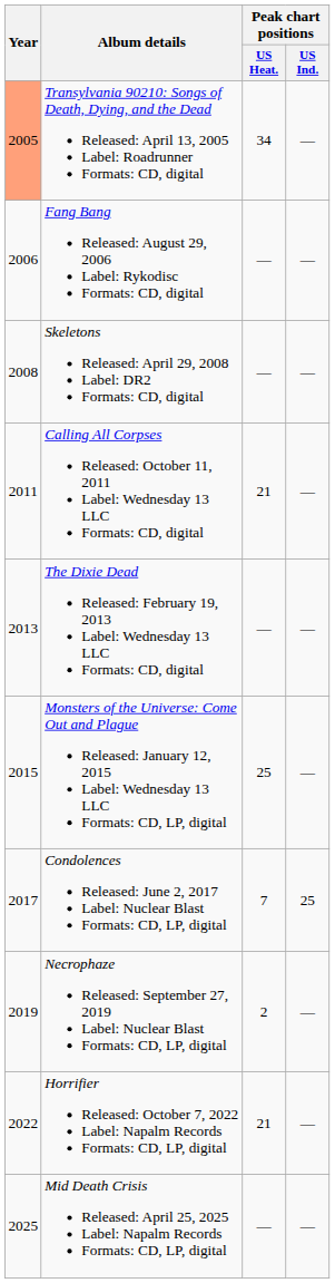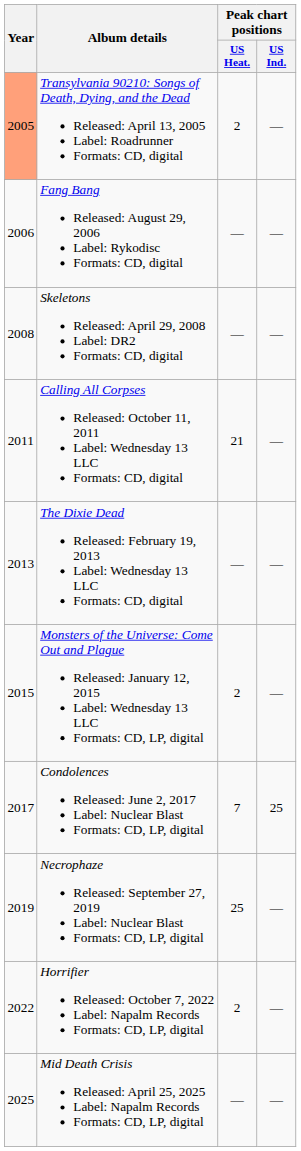 <table class="wikitable" style="text-align:center;">
 <tr>
 <th rowspan="2" width="25">Year</th>
 <th rowspan="2" width="210">Album details</th>
 <th colspan="2">Peak chart positions</th>
 </tr>
 <tr>
 <th style="width:3em;font-size:85%"><a href='#'>US Heat.</a><br></th>
 <th style="width:3em;font-size:85%"><a href='#'>US Ind.</a><br></th>
 </tr>
 <tr>
 <td style="background: lightsalmon;">2005</td>
 <td align="left"><em><a href='#'>Transylvania 90210: Songs of Death, Dying, and the Dead</a></em><br><ul><li>Released: April 13, 2005</li><li>Label: Roadrunner</li><li>Formats: CD, digital</li></ul></td>
-<td align="center">34</td>
+<td align="center">2</td>
 <td align="center">—</td>
 </tr>
 <tr>
 <td>2006</td>
 <td align="left"><em><a href='#'>Fang Bang</a></em><br><ul><li>Released: August 29, 2006</li><li>Label: Rykodisc</li><li>Formats: CD, digital</li></ul></td>
 <td align="center">—</td>
 <td align="center">—</td>
 </tr>
 <tr>
 <td>2008</td>
 <td align="left"><em>Skeletons</em><br><ul><li>Released: April 29, 2008</li><li>Label: DR2</li><li>Formats: CD, digital</li></ul></td>
 <td align="center">—</td>
 <td align="center">—</td>
 </tr>
 <tr>
 <td>2011</td>
 <td align="left"><em><a href='#'>Calling All Corpses</a></em><br><ul><li>Released: October 11, 2011</li><li>Label: Wednesday 13 LLC</li><li>Formats: CD, digital</li></ul></td>
 <td align="center">21</td>
 <td align="center">—</td>
 </tr>
 <tr>
 <td>2013</td>
 <td align="left"><em><a href='#'>The Dixie Dead</a></em><br><ul><li>Released: February 19, 2013</li><li>Label: Wednesday 13 LLC</li><li>Formats: CD, digital</li></ul></td>
 <td align="center">—</td>
 <td align="center">—</td>
 </tr>
 <tr>
 <td>2015</td>
 <td align="left"><em><a href='#'>Monsters of the Universe: Come Out and Plague</a></em><br><ul><li>Released: January 12, 2015</li><li>Label: Wednesday 13 LLC</li><li>Formats: CD, LP, digital</li></ul></td>
-<td align="center">25</td>
+<td align="center">2</td>
 <td align="center">—</td>
 </tr>
 <tr>
 <td>2017</td>
 <td align="left"><em>Condolences</em><br><ul><li>Released: June 2, 2017</li><li>Label: Nuclear Blast</li><li>Formats: CD, LP, digital</li></ul></td>
 <td align="center">7</td>
 <td align="center">25</td>
 </tr>
 <tr>
 <td>2019</td>
 <td align="left"><em>Necrophaze</em><br><ul><li>Released: September 27, 2019</li><li>Label: Nuclear Blast</li><li>Formats: CD, LP, digital</li></ul></td>
-<td align="center">2</td>
+<td align="center">25</td>
 <td align="center">—</td>
 </tr>
 <tr>
 <td>2022</td>
 <td align="left"><em>Horrifier</em><br><ul><li>Released: October 7, 2022</li><li>Label: Napalm Records</li><li>Formats: CD, LP, digital</li></ul></td>
-<td align="center">21</td>
+<td align="center">2</td>
 <td align="center">—</td>
 </tr>
 <tr>
 <td>2025</td>
 <td align="left"><em>Mid Death Crisis</em><br><ul><li>Released: April 25, 2025</li><li>Label: Napalm Records</li><li>Formats: CD, LP, digital</li></ul></td>
 <td align="center">—</td>
 <td align="center">—</td>
 </tr>
 </table>
